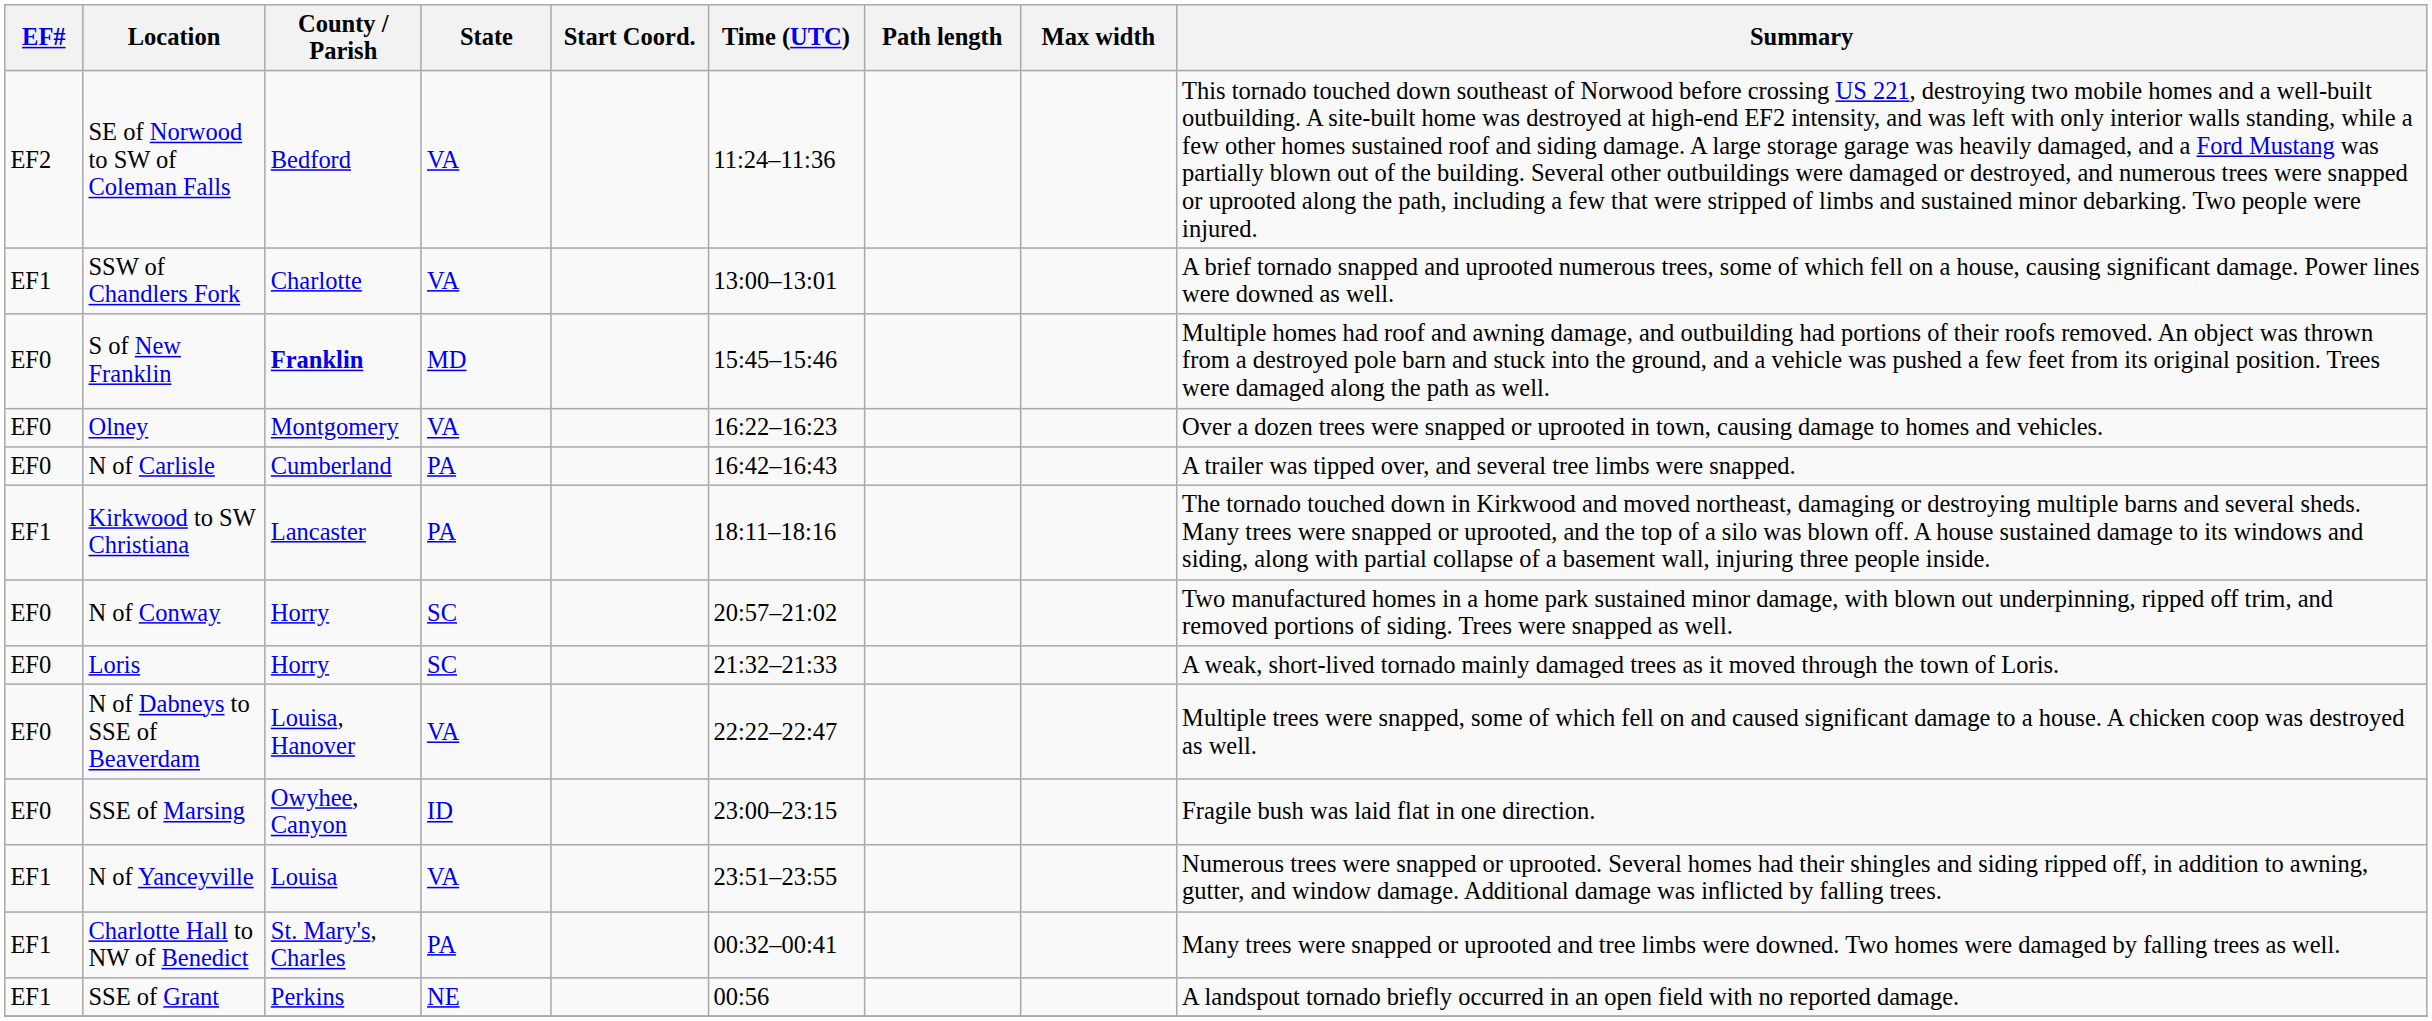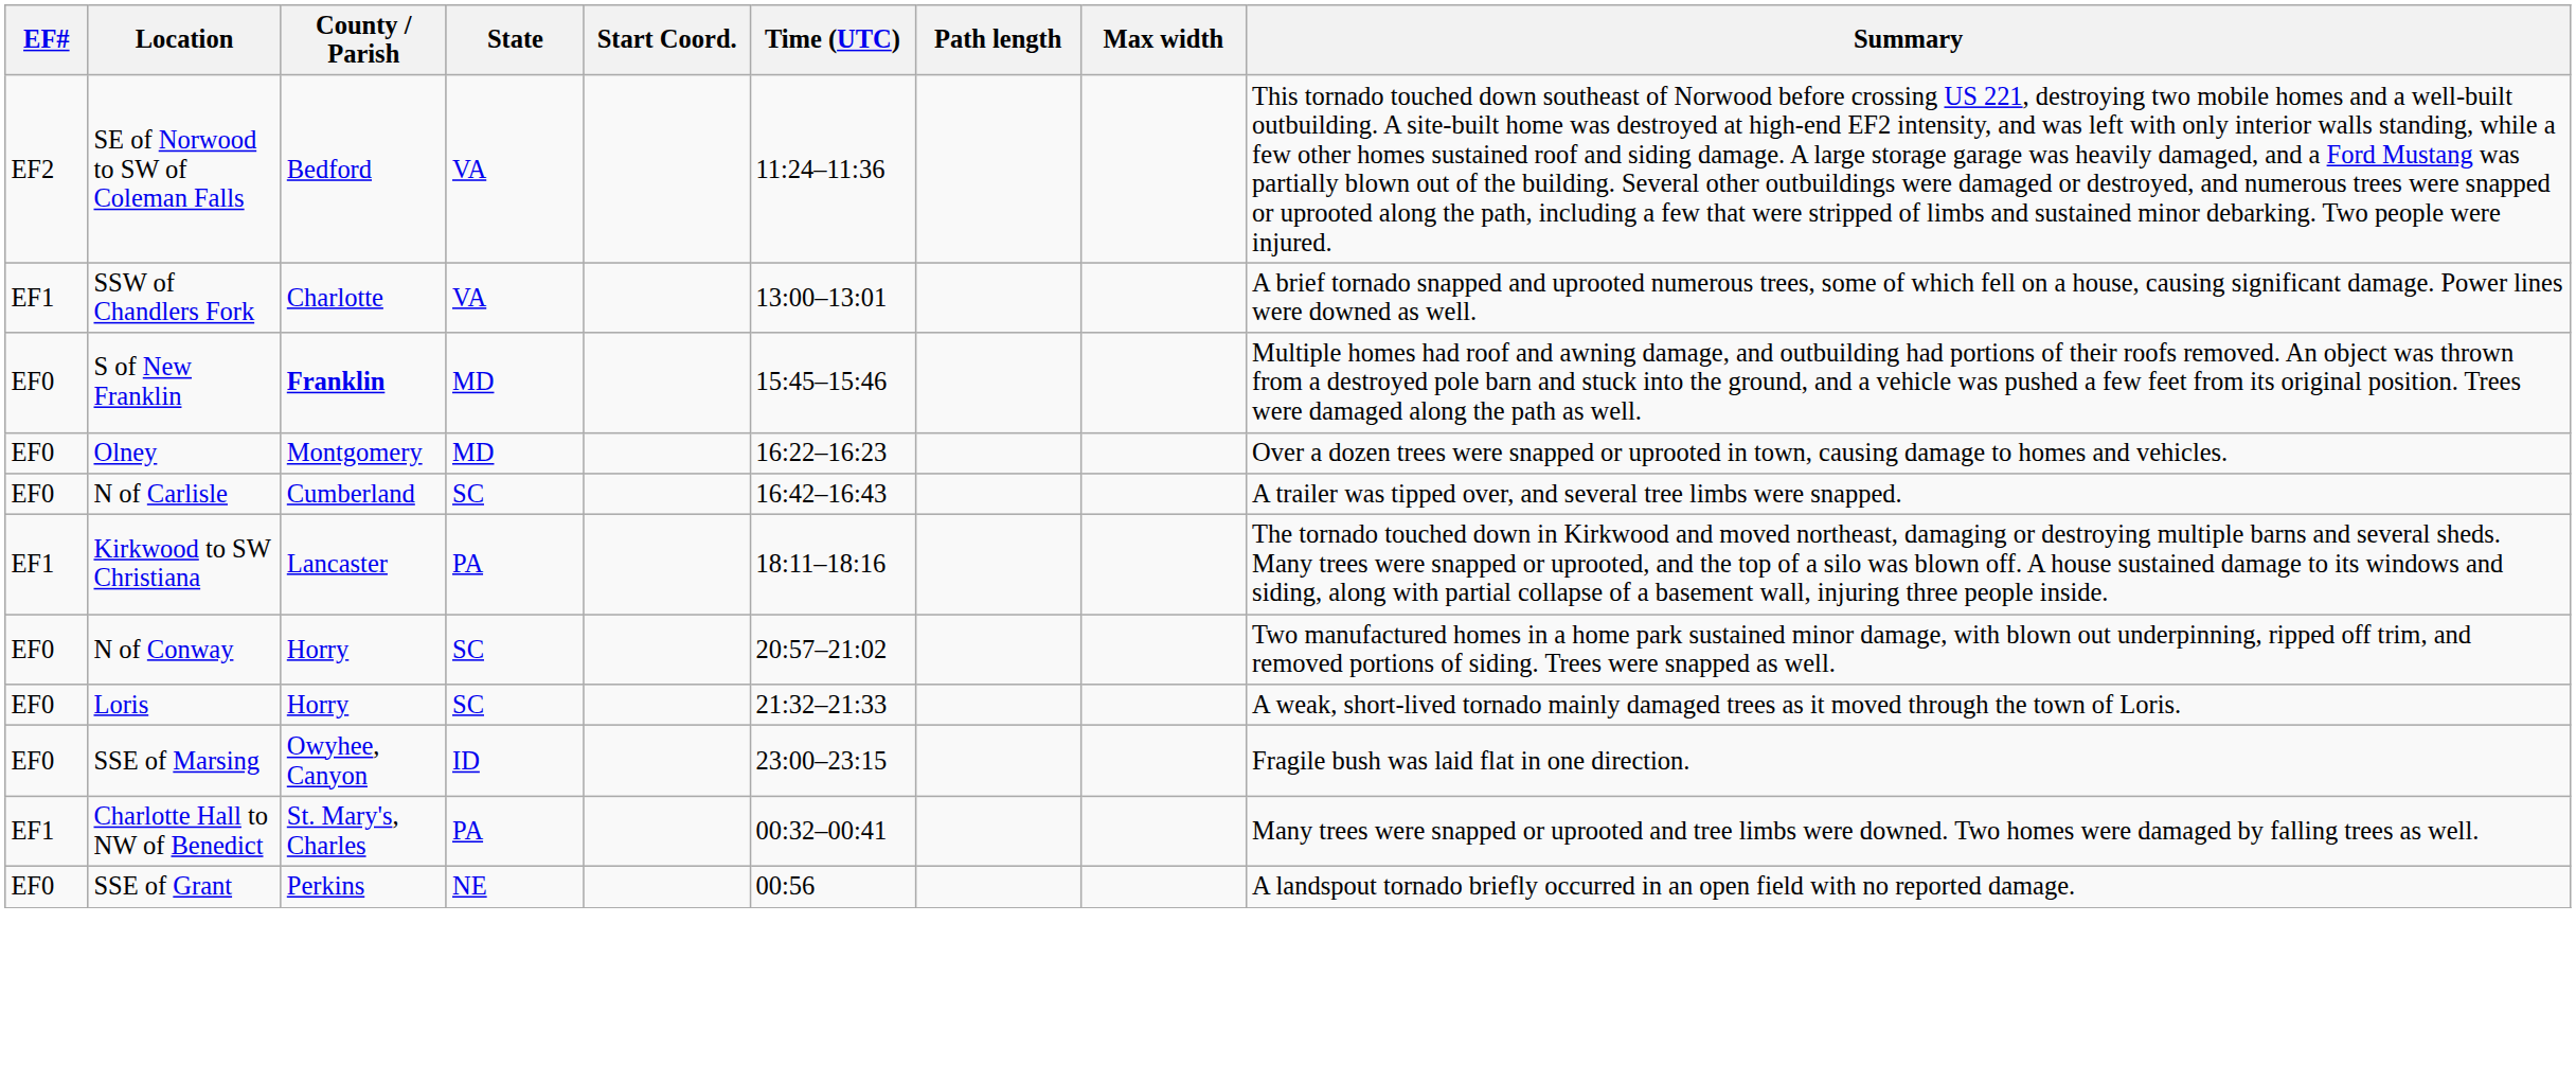 <table class="wikitable sortable" style="width:100%;">
 <tr>
 <th scope="col"  style="width:3%; text-align:center;"><a href='#'>EF#</a></th>
 <th scope="col"  style="width:7%; text-align:center;" class="unsortable">Location</th>
 <th scope="col"  style="width:6%; text-align:center;" class="unsortable">County / Parish</th>
 <th scope="col"  style="width:5%; text-align:center;">State</th>
 <th scope="col"  style="width:6%; text-align:center;">Start Coord.</th>
 <th scope="col"  style="width:6%; text-align:center;">Time (<a href='#'>UTC</a>)</th>
 <th scope="col"  style="width:6%; text-align:center;">Path length</th>
 <th scope="col"  style="width:6%; text-align:center;">Max width</th>
 <th scope="col" class="unsortable" style="width:48%; text-align:center;">Summary</th>
 </tr>
 <tr>
 <td>EF2</td>
 <td>SE of <a href='#'>Norwood</a> to SW of <a href='#'>Coleman Falls</a></td>
 <td><a href='#'>Bedford</a></td>
 <td><a href='#'>VA</a></td>
 <td></td>
 <td>11:24–11:36</td>
 <td></td>
 <td></td>
 <td>This tornado touched down southeast of Norwood before crossing <a href='#'>US 221</a>, destroying two mobile homes and a well-built outbuilding. A site-built home was destroyed at high-end EF2 intensity, and was left with only interior walls standing, while a few other homes sustained roof and siding damage. A large storage garage was heavily damaged, and a <a href='#'>Ford Mustang</a> was partially blown out of the building. Several other outbuildings were damaged or destroyed, and numerous trees were snapped or uprooted along the path, including a few that were stripped of limbs and sustained minor debarking. Two people were injured.</td>
 </tr>
 <tr>
 <td>EF1</td>
 <td>SSW of <a href='#'>Chandlers Fork</a></td>
 <td><a href='#'>Charlotte</a></td>
 <td><a href='#'>VA</a></td>
 <td></td>
 <td>13:00–13:01</td>
 <td></td>
 <td></td>
 <td>A brief tornado snapped and uprooted numerous trees, some of which fell on a house, causing significant damage. Power lines were downed as well.</td>
 </tr>
 <tr>
 <td>EF0</td>
 <td>S of <a href='#'>New Franklin</a></td>
 <td><strong><a href='#'>Franklin</a></strong></td>
 <td><a href='#'>MD</a></td>
 <td></td>
 <td>15:45–15:46</td>
 <td></td>
 <td></td>
 <td>Multiple homes had roof and awning damage, and outbuilding had portions of their roofs removed. An object was thrown from a destroyed pole barn and stuck into the ground, and a vehicle was pushed a few feet from its original position. Trees were damaged along the path as well.</td>
 </tr>
 <tr>
 <td>EF0</td>
 <td><a href='#'>Olney</a></td>
 <td><a href='#'>Montgomery</a></td>
-<td><a href='#'>VA</a></td>
+<td><a href='#'>MD</a></td>
 <td></td>
 <td>16:22–16:23</td>
 <td></td>
 <td></td>
 <td>Over a dozen trees were snapped or uprooted in town, causing damage to homes and vehicles.</td>
 </tr>
 <tr>
 <td>EF0</td>
 <td>N of <a href='#'>Carlisle</a></td>
 <td><a href='#'>Cumberland</a></td>
-<td><a href='#'>PA</a></td>
+<td><a href='#'>SC</a></td>
 <td></td>
 <td>16:42–16:43</td>
 <td></td>
 <td></td>
 <td>A trailer was tipped over, and several tree limbs were snapped.</td>
 </tr>
 <tr>
 <td>EF1</td>
 <td><a href='#'>Kirkwood</a> to SW <a href='#'>Christiana</a></td>
 <td><a href='#'>Lancaster</a></td>
 <td><a href='#'>PA</a></td>
 <td></td>
 <td>18:11–18:16</td>
 <td></td>
 <td></td>
 <td>The tornado touched down in Kirkwood and moved northeast, damaging or destroying multiple barns and several sheds. Many trees were snapped or uprooted, and the top of a silo was blown off. A house sustained damage to its windows and siding, along with partial collapse of a basement wall, injuring three people inside.</td>
 </tr>
 <tr>
 <td>EF0</td>
 <td>N of <a href='#'>Conway</a></td>
 <td><a href='#'>Horry</a></td>
 <td><a href='#'>SC</a></td>
 <td></td>
 <td>20:57–21:02</td>
 <td></td>
 <td></td>
 <td>Two manufactured homes in a home park sustained minor damage, with blown out underpinning, ripped off trim, and removed portions of siding. Trees were snapped as well.</td>
 </tr>
 <tr>
 <td>EF0</td>
 <td><a href='#'>Loris</a></td>
 <td><a href='#'>Horry</a></td>
 <td><a href='#'>SC</a></td>
 <td></td>
 <td>21:32–21:33</td>
 <td></td>
 <td></td>
 <td>A weak, short-lived tornado mainly damaged trees as it moved through the town of Loris.</td>
 </tr>
 <tr>
 <td>EF0</td>
-<td>N of <a href='#'>Dabneys</a> to SSE of <a href='#'>Beaverdam</a></td>
-<td><a href='#'>Louisa</a>, <a href='#'>Hanover</a></td>
-<td><a href='#'>VA</a></td>
-<td></td>
-<td>22:22–22:47</td>
-<td></td>
-<td></td>
-<td>Multiple trees were snapped, some of which fell on and caused significant damage to a house. A chicken coop was destroyed as well.</td>
-</tr>
-<tr>
-<td>EF0</td>
 <td>SSE of <a href='#'>Marsing</a></td>
 <td><a href='#'>Owyhee</a>, <a href='#'>Canyon</a></td>
 <td><a href='#'>ID</a></td>
 <td></td>
 <td>23:00–23:15</td>
 <td></td>
 <td></td>
 <td>Fragile bush was laid flat in one direction.</td>
-</tr>
-<tr>
-<td>EF1</td>
-<td>N of <a href='#'>Yanceyville</a></td>
-<td><a href='#'>Louisa</a></td>
-<td><a href='#'>VA</a></td>
-<td></td>
-<td>23:51–23:55</td>
-<td></td>
-<td></td>
-<td>Numerous trees were snapped or uprooted. Several homes had their shingles and siding ripped off, in addition to awning, gutter, and window damage. Additional damage was inflicted by falling trees.</td>
 </tr>
 <tr>
 <td>EF1</td>
 <td><a href='#'>Charlotte Hall</a> to NW of <a href='#'>Benedict</a></td>
 <td><a href='#'>St. Mary's</a>, <a href='#'>Charles</a></td>
 <td><a href='#'>PA</a></td>
 <td></td>
 <td>00:32–00:41</td>
 <td></td>
 <td></td>
 <td>Many trees were snapped or uprooted and tree limbs were downed. Two homes were damaged by falling trees as well.</td>
 </tr>
 <tr>
-<td>EF1</td>
+<td>EF0</td>
 <td>SSE of <a href='#'>Grant</a></td>
 <td><a href='#'>Perkins</a></td>
 <td><a href='#'>NE</a></td>
 <td></td>
 <td>00:56</td>
 <td></td>
 <td></td>
 <td>A landspout tornado briefly occurred in an open field with no reported damage.</td>
 </tr>
 <tr>
 </tr>
 </table>
